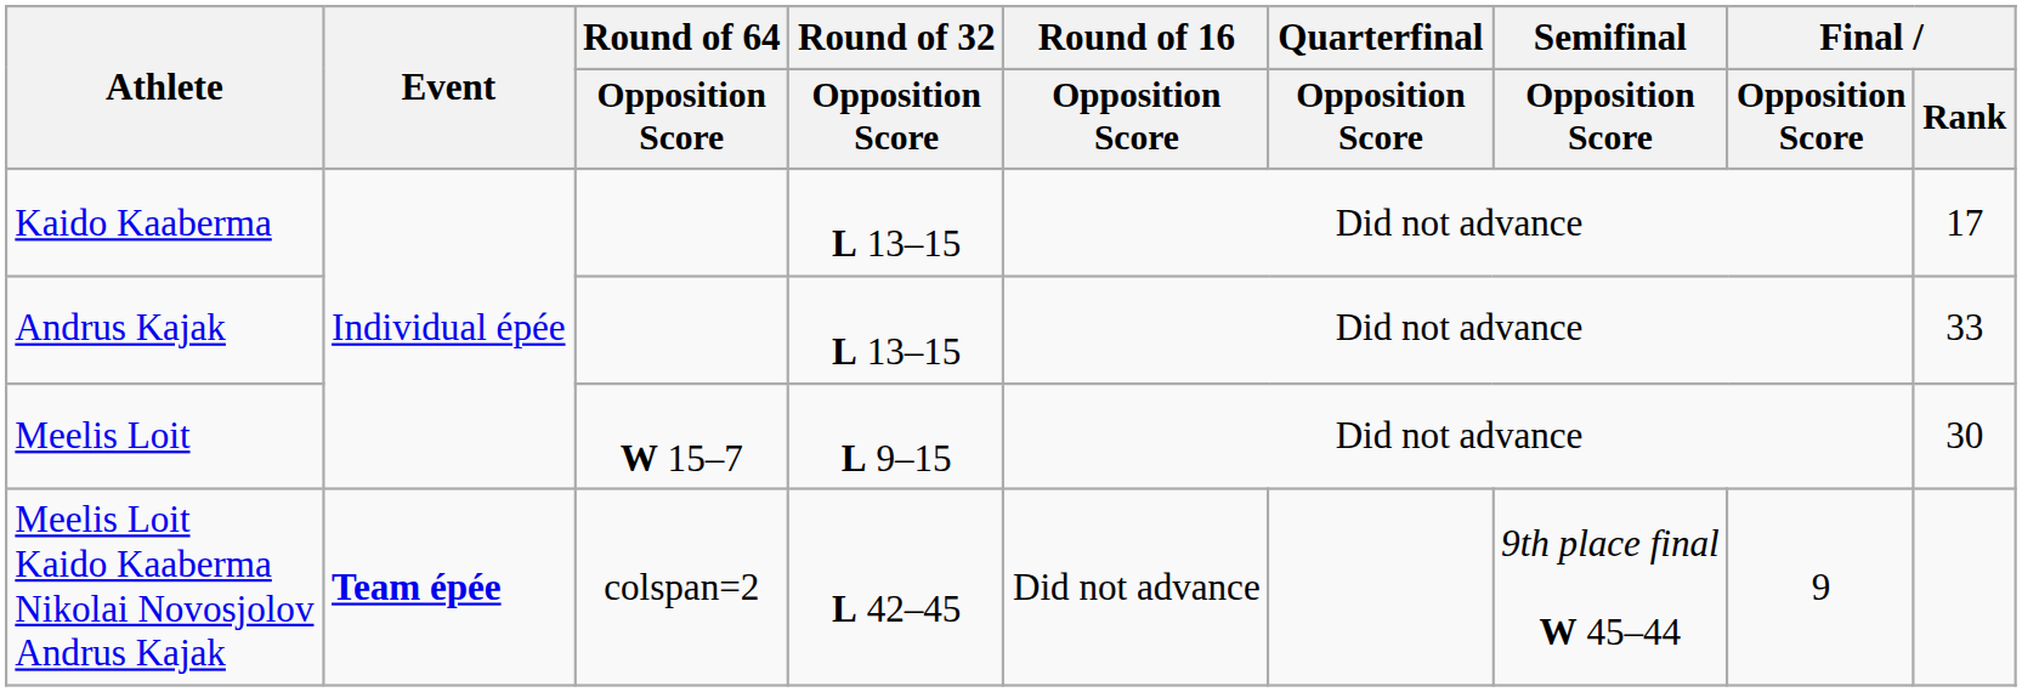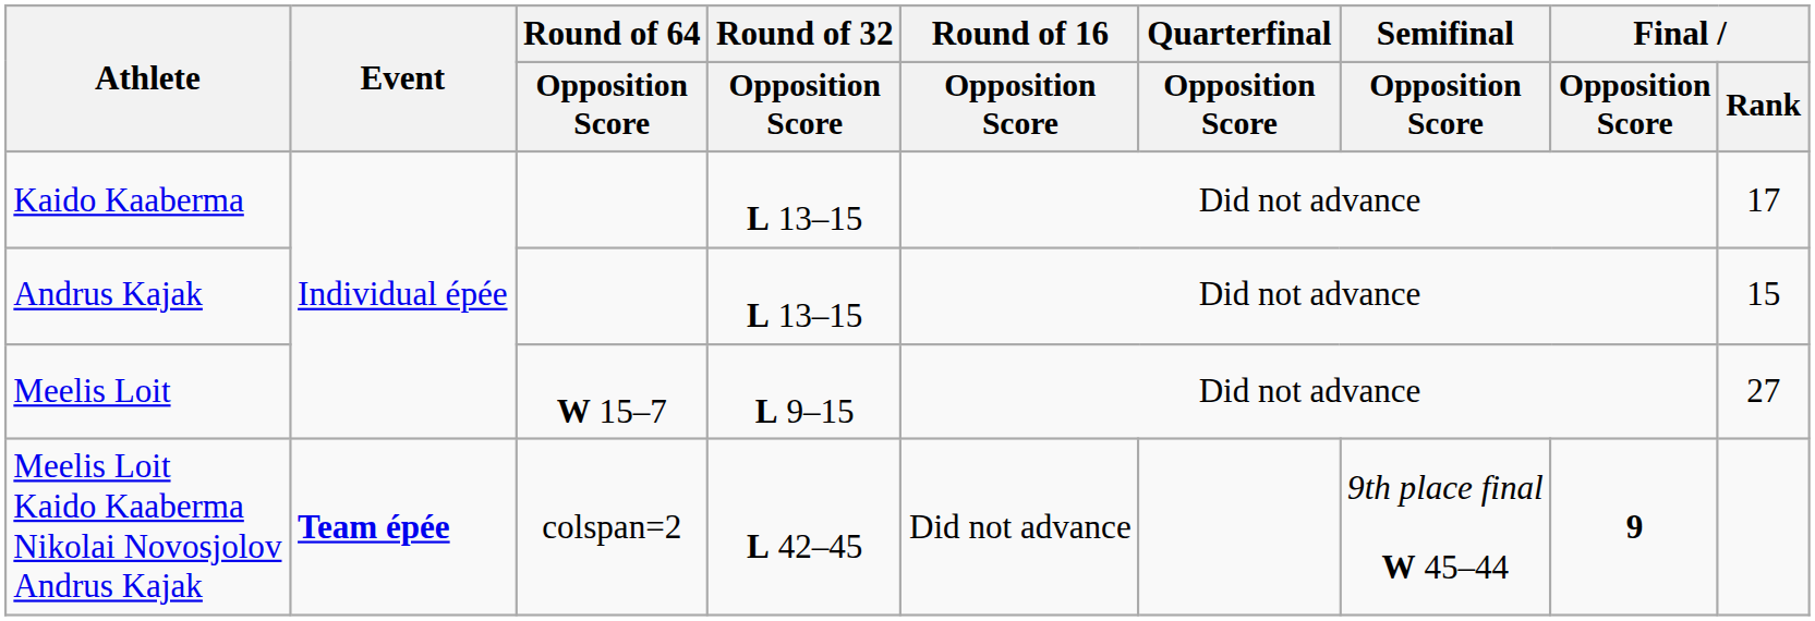 <table class="wikitable" style="font-size:90%">
 <tr>
 <th rowspan="2">Athlete</th>
 <th rowspan="2">Event</th>
 <th>Round of 64</th>
 <th>Round of 32</th>
 <th>Round of 16</th>
 <th>Quarterfinal</th>
 <th>Semifinal</th>
 <th colspan=2>Final / </th>
 </tr>
 <tr style="font-size:95%">
 <th>Opposition <br> Score</th>
 <th>Opposition <br> Score</th>
 <th>Opposition <br> Score</th>
 <th>Opposition <br> Score</th>
 <th>Opposition <br> Score</th>
 <th>Opposition <br> Score</th>
 <th>Rank</th>
 </tr>
 <tr align=center>
 <td align=left><a href='#'>Kaido Kaaberma</a></td>
 <td align=left rowspan=3><a href='#'>Individual épée</a></td>
 <td></td>
 <td><br><strong>L</strong> 13–15</td>
 <td colspan=4>Did not advance</td>
 <td>17</td>
 </tr>
 <tr align=center>
 <td align=left><a href='#'>Andrus Kajak</a></td>
 <td></td>
 <td><br><strong>L</strong> 13–15</td>
 <td colspan=4>Did not advance</td>
-<td>33</td>
+<td>15</td>
 </tr>
 <tr align=center>
 <td align=left><a href='#'>Meelis Loit</a></td>
 <td><br><strong>W</strong> 15–7</td>
 <td><br><strong>L</strong> 9–15</td>
 <td colspan=4>Did not advance</td>
-<td>30</td>
+<td>27</td>
 </tr>
 <tr align=center>
 <td align=left><a href='#'>Meelis Loit</a><br><a href='#'>Kaido Kaaberma</a><br><a href='#'>Nikolai Novosjolov</a><br><a href='#'>Andrus Kajak</a></td>
 <td align=left><strong><a href='#'>Team épée</a></strong></td>
 <td>colspan=2 </td>
 <td><br><strong>L</strong> 42–45</td>
 <td colspan=1>Did not advance</td>
 <td></td>
 <td><em>9th place final</em><br><br><strong>W</strong> 45–44</td>
-<td>9</td>
+<td><strong>9</strong></td>
 </tr>
 </table>
